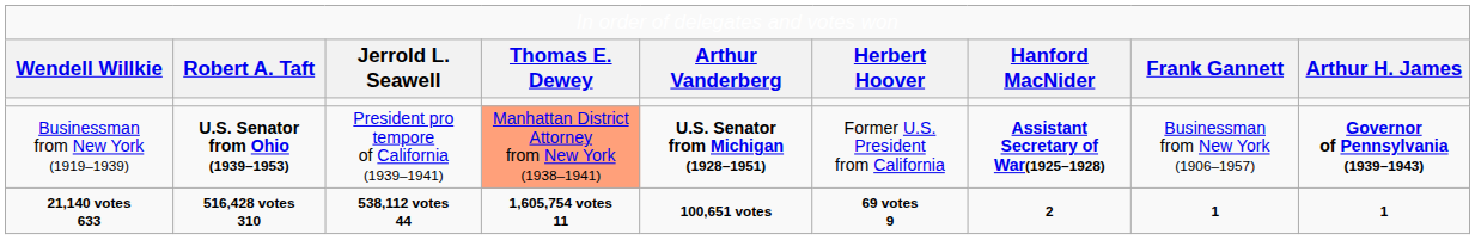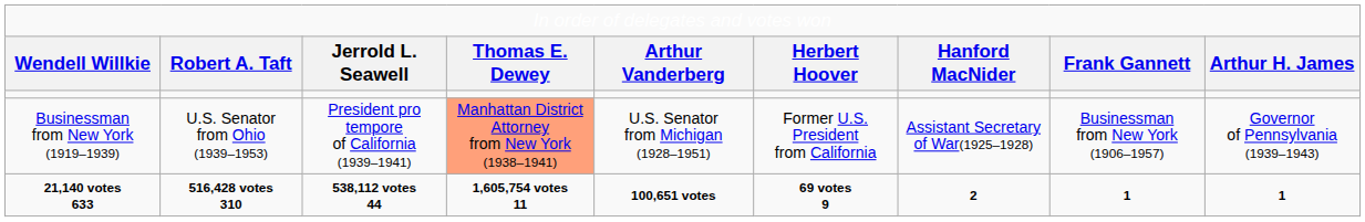 <table class="wikitable mw-collapsible mw-collapsed" style="font-size:90%;">
 <tr>
 <td colspan="12" style="text-align:center; width:700px; font-size:120%; color:white; background:"><em>In order of delegates and votes won</em></td>
 </tr>
 <tr style="text-align:center">
 <th scope="col" style="width:10em; font-size:120%;"><a href='#'>Wendell Willkie</a></th>
 <th scope="col" style="width:10em; font-size:120%;"><a href='#'>Robert A. Taft</a></th>
 <th scope="col" style="width:10em; font-size:120%;">Jerrold L. Seawell</th>
 <th scope="col" style="width:10em; font-size:120%;"><a href='#'>Thomas E. Dewey</a></th>
 <th scope="col" style="width:10em; font-size:120%;"><a href='#'>Arthur Vanderberg</a></th>
 <th scope="col" style="width:10em; font-size:120%;"><a href='#'>Herbert Hoover</a></th>
 <th scope="col" style="width:10em; font-size:120%;"><a href='#'>Hanford MacNider</a></th>
 <th scope="col" style="width:10em; font-size:120%;"><a href='#'>Frank Gannett</a></th>
 <th scope="col" style="width:10em; font-size:120%;"><a href='#'>Arthur H. James</a></th>
 </tr>
 <tr style="text-align:center">
 <td></td>
 <td></td>
 <td></td>
 <td></td>
 <td></td>
 <td></td>
 <td></td>
 <td></td>
 <td></td>
 </tr>
 <tr style="text-align:center">
 <td><a href='#'>Businessman</a><br> from <a href='#'>New York</a><br> <small>(1919–1939)</small></td>
-<td><strong>U.S. Senator<br>from <a href='#'>Ohio</a><br><small>(1939–1953)</small></strong></td>
+<td>U.S. Senator<br>from <a href='#'>Ohio</a><br><small>(1939–1953)</small></td>
 <td><a href='#'>President pro tempore</a><br>of <a href='#'>California</a><br><small>(1939–1941)</small></td>
 <td style="background: lightsalmon;"><a href='#'>Manhattan District Attorney</a><br>from <a href='#'>New York</a><br><small>(1938–1941)</small></td>
-<td><strong>U.S. Senator<br>from <a href='#'>Michigan</a><br><small>(1928–1951)</small></strong></td>
+<td>U.S. Senator<br>from <a href='#'>Michigan</a><br><small>(1928–1951)</small></td>
 <td>Former <a href='#'>U.S. President</a><br>from <a href='#'>California</a></td>
-<td><strong><a href='#'>Assistant Secretary of War</a><small>(1925–1928)</small></strong></td>
+<td><a href='#'>Assistant Secretary of War</a><small>(1925–1928)</small></td>
 <td><a href='#'>Businessman</a><br> from <a href='#'>New York</a><br> <small>(1906–1957)</small></td>
-<td><strong><a href='#'>Governor</a><br>of <a href='#'>Pennsylvania</a><br><small>(1939–1943)</small></strong></td>
+<td><a href='#'>Governor</a><br>of <a href='#'>Pennsylvania</a><br><small>(1939–1943)</small></td>
 </tr>
 <tr style="text-align:center">
 <td><small><strong>21,140 votes</strong><br><strong>633 </strong></small></td>
 <td><small><strong>516,428 votes</strong><br><strong>310 </strong></small></td>
 <td><small><strong>538,112 votes</strong><br><strong>44 </strong></small></td>
 <td><small><strong>1,605,754 votes</strong><br><strong>11 </strong></small></td>
 <td><small><strong>100,651 votes</strong></small></td>
 <td><small><strong>69 votes</strong><br><strong>9 </strong></small></td>
 <td><small><strong>2 </strong></small></td>
 <td><small><strong>1 </strong></small></td>
 <td><small><strong>1 </strong></small></td>
 </tr>
 </table>
